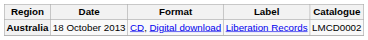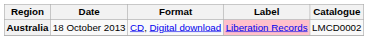 <table class="wikitable plainrowheaders">
 <tr>
 <th scope="col">Region</th>
 <th scope="col">Date</th>
 <th scope="col">Format</th>
 <th scope="col">Label</th>
 <th scope="col">Catalogue</th>
 </tr>
 <tr>
 <th scope="row">Australia</th>
 <td>18 October 2013</td>
 <td><a href='#'>CD</a>, <a href='#'>Digital download</a></td>
-<td><a href='#'>Liberation Records</a></td>
+<td style="background: pink;"><a href='#'>Liberation Records</a></td>
 <td>LMCD0002</td>
 </tr>
 <tr>
 </tr>
 </table>
